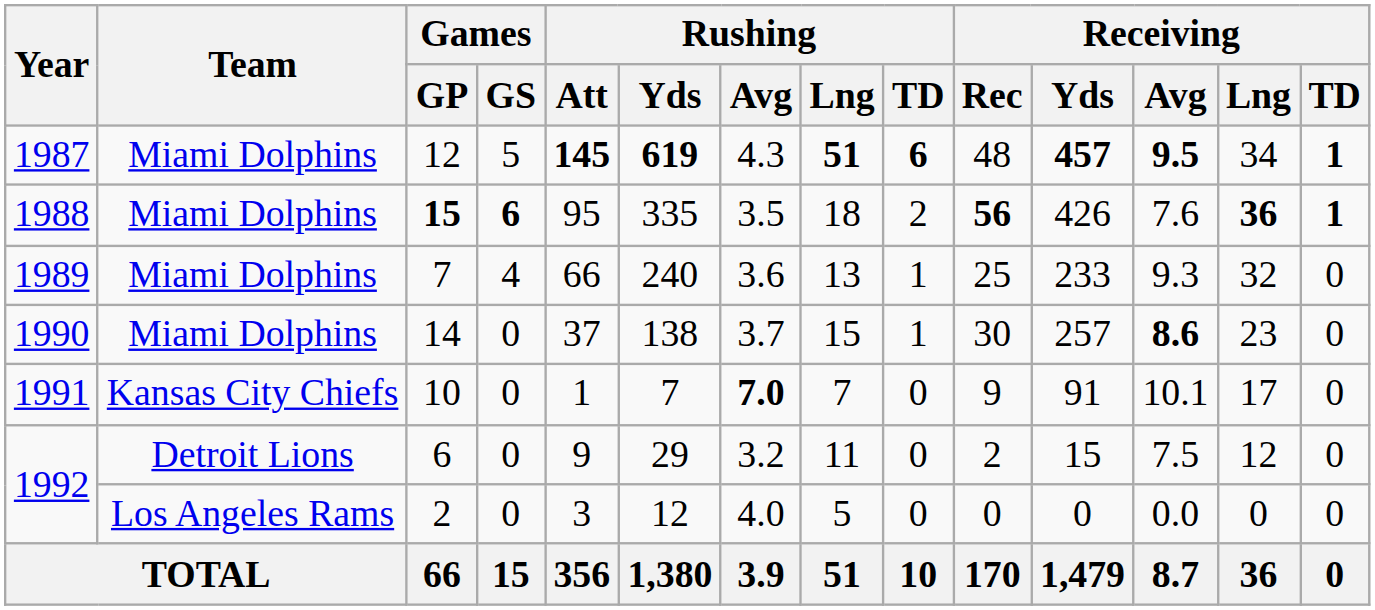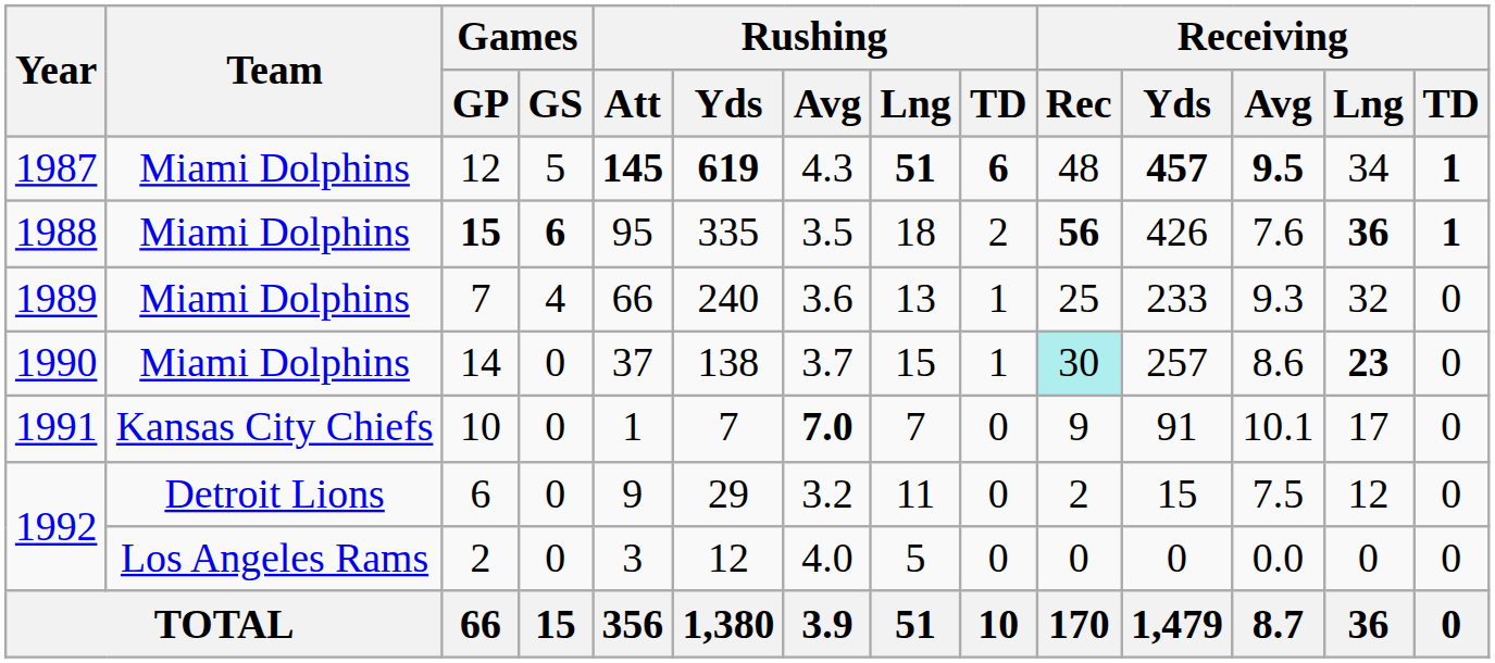 <table class=wikitable style="text-align:center;">
 <tr>
 <th rowspan="2">Year</th>
 <th rowspan="2">Team</th>
 <th colspan="2">Games</th>
 <th colspan="5">Rushing</th>
 <th colspan="5">Receiving</th>
 </tr>
 <tr>
 <th>GP</th>
 <th>GS</th>
 <th>Att</th>
 <th>Yds</th>
 <th>Avg</th>
 <th>Lng</th>
 <th>TD</th>
 <th>Rec</th>
 <th>Yds</th>
 <th>Avg</th>
 <th>Lng</th>
 <th>TD</th>
 </tr>
 <tr>
 <td><a href='#'>1987</a></td>
 <td><a href='#'>Miami Dolphins</a></td>
 <td>12</td>
 <td>5</td>
 <td><strong>145</strong></td>
 <td><strong>619</strong></td>
 <td>4.3</td>
 <td><strong>51</strong></td>
 <td><strong>6</strong></td>
 <td>48</td>
 <td><strong>457</strong></td>
 <td><strong>9.5</strong></td>
 <td>34</td>
 <td><strong>1</strong></td>
 </tr>
 <tr>
 <td><a href='#'>1988</a></td>
 <td><a href='#'>Miami Dolphins</a></td>
 <td><strong>15</strong></td>
 <td><strong>6</strong></td>
 <td>95</td>
 <td>335</td>
 <td>3.5</td>
 <td>18</td>
 <td>2</td>
 <td><strong>56</strong></td>
 <td>426</td>
 <td>7.6</td>
 <td><strong>36</strong></td>
 <td><strong>1</strong></td>
 </tr>
 <tr>
 <td><a href='#'>1989</a></td>
 <td><a href='#'>Miami Dolphins</a></td>
 <td>7</td>
 <td>4</td>
 <td>66</td>
 <td>240</td>
 <td>3.6</td>
 <td>13</td>
 <td>1</td>
 <td>25</td>
 <td>233</td>
 <td>9.3</td>
 <td>32</td>
 <td>0</td>
 </tr>
 <tr>
 <td><a href='#'>1990</a></td>
 <td><a href='#'>Miami Dolphins</a></td>
 <td>14</td>
 <td>0</td>
 <td>37</td>
 <td>138</td>
 <td>3.7</td>
 <td>15</td>
 <td>1</td>
-<td>30</td>
+<td style="background: paleturquoise;">30</td>
 <td>257</td>
-<td><strong>8.6</strong></td>
-<td>23</td>
+<td>8.6</td>
+<td><strong>23</strong></td>
 <td>0</td>
 </tr>
 <tr>
 <td><a href='#'>1991</a></td>
 <td><a href='#'>Kansas City Chiefs</a></td>
 <td>10</td>
 <td>0</td>
 <td>1</td>
 <td>7</td>
 <td><strong>7.0</strong></td>
 <td>7</td>
 <td>0</td>
 <td>9</td>
 <td>91</td>
 <td>10.1</td>
 <td>17</td>
 <td>0</td>
 </tr>
 <tr>
 <td rowspan=2><a href='#'>1992</a></td>
 <td><a href='#'>Detroit Lions</a></td>
 <td>6</td>
 <td>0</td>
 <td>9</td>
 <td>29</td>
 <td>3.2</td>
 <td>11</td>
 <td>0</td>
 <td>2</td>
 <td>15</td>
 <td>7.5</td>
 <td>12</td>
 <td>0</td>
 </tr>
 <tr>
 <td><a href='#'>Los Angeles Rams</a></td>
 <td>2</td>
 <td>0</td>
 <td>3</td>
 <td>12</td>
 <td>4.0</td>
 <td>5</td>
 <td>0</td>
 <td>0</td>
 <td>0</td>
 <td>0.0</td>
 <td>0</td>
 <td>0</td>
 </tr>
 <tr>
 <th colspan="2"><strong>TOTAL</strong></th>
 <th><strong>66</strong></th>
 <th><strong>15</strong></th>
 <th><strong>356</strong></th>
 <th><strong>1,380</strong></th>
 <th><strong>3.9</strong></th>
 <th><strong>51</strong></th>
 <th><strong>10</strong></th>
 <th><strong>170</strong></th>
 <th><strong>1,479</strong></th>
 <th><strong>8.7</strong></th>
 <th><strong>36</strong></th>
 <th><strong>0</strong></th>
 </tr>
 </table>
